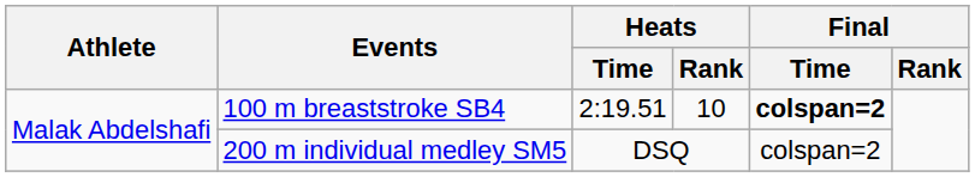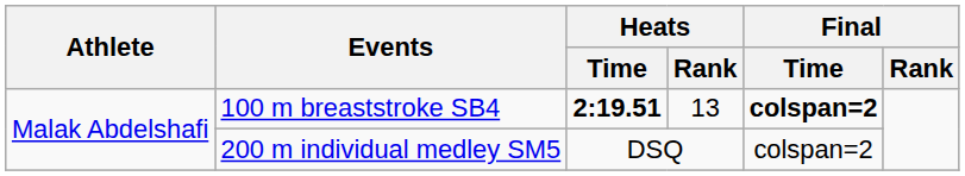 <table class=wikitable style="font-size:90%">
 <tr>
 <th rowspan="2">Athlete</th>
 <th rowspan="2">Events</th>
 <th colspan="2">Heats</th>
 <th colspan="2">Final</th>
 </tr>
 <tr>
 <th>Time</th>
 <th>Rank</th>
 <th>Time</th>
 <th>Rank</th>
 </tr>
 <tr style="text-align:center">
 <td style="text-align:left"  rowspan=2><a href='#'>Malak Abdelshafi</a></td>
 <td style="text-align:left"><a href='#'>100 m breaststroke SB4</a></td>
-<td>2:19.51</td>
-<td>10</td>
+<td><strong>2:19.51</strong></td>
+<td>13</td>
 <td><strong>colspan=2 </strong></td>
 </tr>
 <tr style="text-align:center">
 <td style="text-align:left"><a href='#'>200 m individual medley SM5</a></td>
 <td colspan=2>DSQ</td>
 <td>colspan=2 </td>
 </tr>
 </table>
